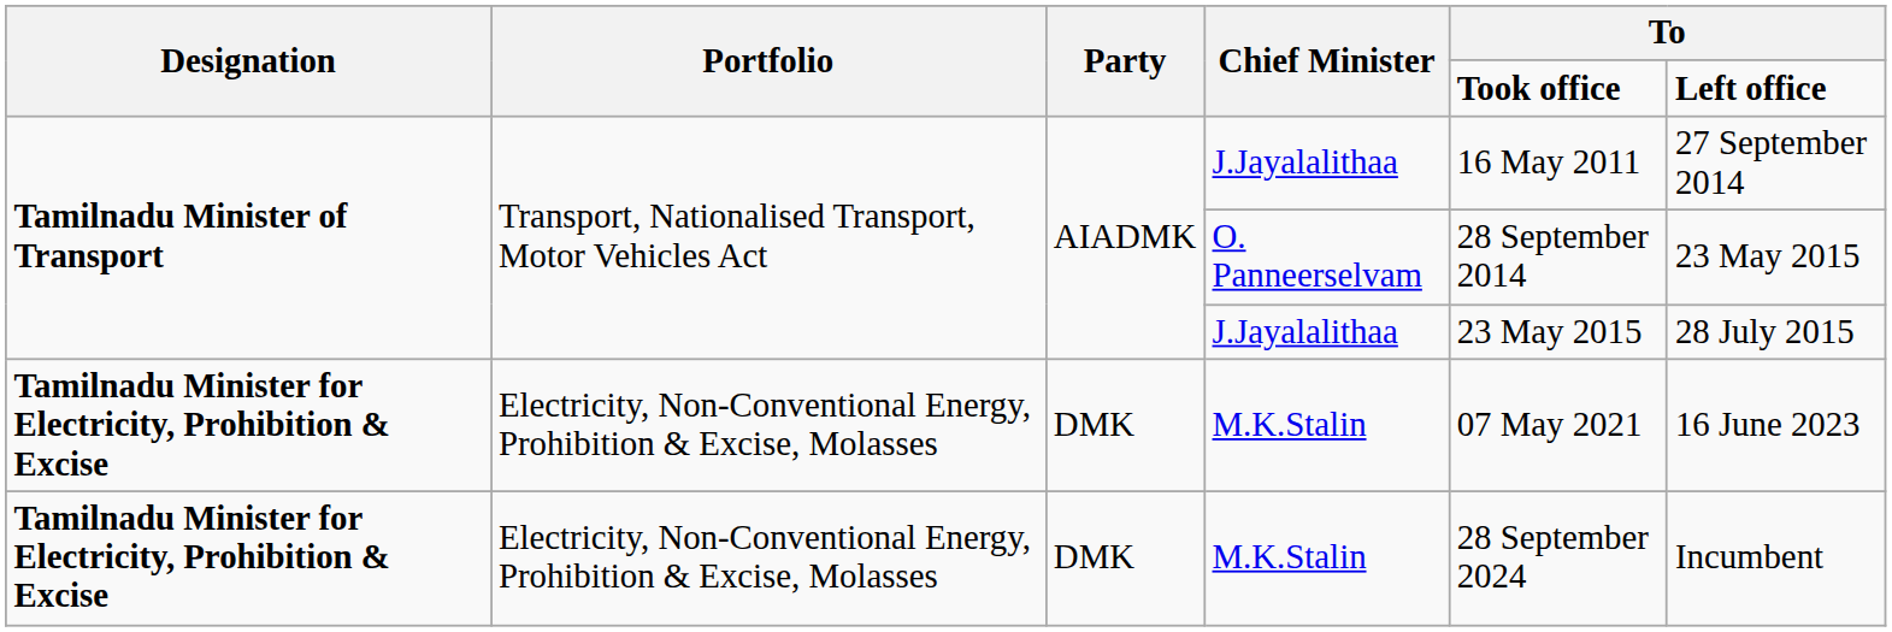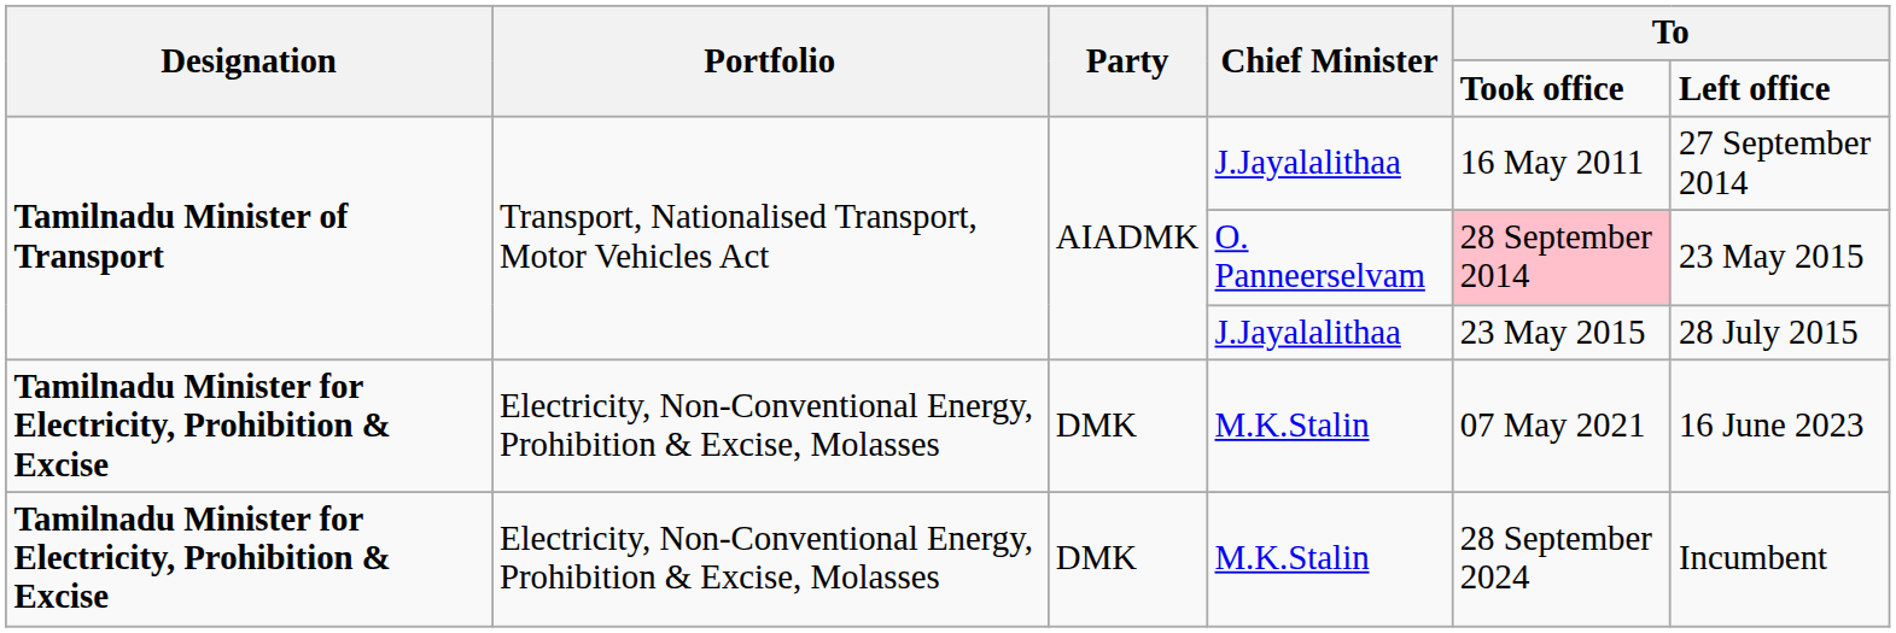 <table class="wikitable">
 <tr>
 <th rowspan="2">Designation</th>
 <th rowspan="2">Portfolio</th>
 <th rowspan="2">Party</th>
 <th rowspan="2">Chief Minister</th>
 <th colspan="2">To</th>
 </tr>
 <tr>
 <td><strong>Took office</strong></td>
 <td><strong>Left office</strong></td>
 </tr>
 <tr>
 <td rowspan="3"><strong>Tamilnadu Minister of Transport</strong></td>
 <td rowspan="3">Transport, Nationalised Transport, Motor Vehicles Act</td>
 <td rowspan="3">AIADMK</td>
 <td><a href='#'>J.Jayalalithaa</a></td>
 <td>16 May 2011</td>
 <td>27 September 2014</td>
 </tr>
 <tr>
 <td><a href='#'>O. Panneerselvam</a></td>
-<td>28 September 2014</td>
+<td style="background: pink;">28 September 2014</td>
 <td>23 May 2015</td>
 </tr>
 <tr>
 <td><a href='#'>J.Jayalalithaa</a></td>
 <td>23 May 2015</td>
 <td>28 July 2015</td>
 </tr>
 <tr>
 <td><strong>Tamilnadu</strong> <strong>Minister for Electricity, Prohibition & Excise</strong></td>
 <td>Electricity, Non-Conventional Energy, Prohibition & Excise, Molasses</td>
 <td>DMK</td>
 <td><a href='#'>M.K.Stalin</a></td>
 <td>07 May 2021</td>
 <td>16 June 2023</td>
 </tr>
 <tr>
 <td><strong>Tamilnadu</strong> <strong>Minister for Electricity, Prohibition & Excise</strong></td>
 <td>Electricity, Non-Conventional Energy, Prohibition & Excise, Molasses</td>
 <td>DMK</td>
 <td><a href='#'>M.K.Stalin</a></td>
 <td>28 September 2024</td>
 <td>Incumbent</td>
 </tr>
 </table>
